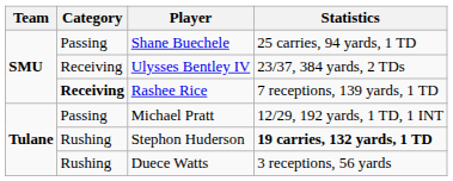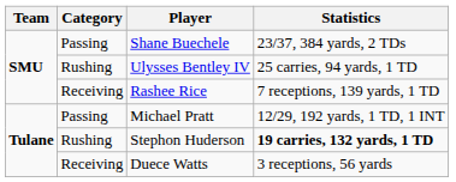 <table class="wikitable" style="float: left;">
 <tr>
 <th>Team</th>
 <th>Category</th>
 <th>Player</th>
 <th>Statistics</th>
 </tr>
 <tr>
 <td rowspan=3><strong>SMU</strong></td>
 <td>Passing</td>
 <td><a href='#'>Shane Buechele</a></td>
+<td>23/37, 384 yards, 2 TDs</td>
+</tr>
+<tr>
+<td>Rushing</td>
+<td><a href='#'>Ulysses Bentley IV</a></td>
 <td>25 carries, 94 yards, 1 TD</td>
 </tr>
 <tr>
 <td>Receiving</td>
-<td><a href='#'>Ulysses Bentley IV</a></td>
-<td>23/37, 384 yards, 2 TDs</td>
-</tr>
-<tr>
-<td><strong>Receiving</strong></td>
 <td><a href='#'>Rashee Rice</a></td>
 <td>7 receptions, 139 yards, 1 TD</td>
 </tr>
 <tr>
 <td rowspan=3><strong>Tulane</strong></td>
 <td>Passing</td>
 <td>Michael Pratt</td>
 <td>12/29, 192 yards, 1 TD, 1 INT</td>
 </tr>
 <tr>
 <td>Rushing</td>
 <td>Stephon Huderson</td>
 <td><strong>19 carries, 132 yards, 1 TD</strong></td>
 </tr>
 <tr>
-<td>Rushing</td>
+<td>Receiving</td>
 <td>Duece Watts</td>
 <td>3 receptions, 56 yards</td>
 </tr>
 </table>
